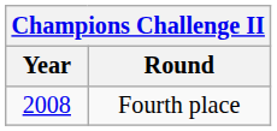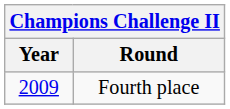 <table class="wikitable" style="text-align: center; font-size: 90%;">
 <tr>
 <th colspan="8"><a href='#'>Champions Challenge II</a></th>
 </tr>
 <tr>
 <th>Year</th>
 <th>Round</th>
 </tr>
 <tr>
-<td> <a href='#'>2008</a></td>
+<td> <a href='#'>2009</a></td>
 <td>Fourth place</td>
 </tr>
 </table>
